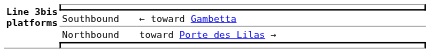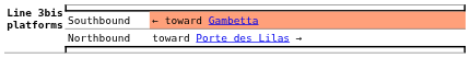 <table border=0 cellspacing=0 cellpadding=3>
 <tr>
 <td style="border-bottom:solid 1px gray;" width=50 rowspan=10 valign=top><strong>Line 3bis platforms</strong></td>
 <td style="border-top:solid 1px gray;border-right:solid 2px black;border-left:solid 2px black;border-bottom:solid 2px black;text-align:center;" colspan=2></td>
 </tr>
 <tr>
 <td style="border-bottom:solid 1px gray;" width=100>Southbound</td>
-<td style="border-bottom:solid 1px gray;" width=390>←   toward <a href='#'>Gambetta</a> </td>
+<td style="background: lightsalmon; border-bottom:solid 1px gray;" width=390>←   toward <a href='#'>Gambetta</a> </td>
 </tr>
 <tr>
 <td>Northbound</td>
 <td>   toward <a href='#'>Porte des Lilas</a>  →</td>
 </tr>
 <tr>
 <td style="border-top:solid 2px black;border-right:solid 2px black;border-left:solid 2px black;border-bottom:solid 1px gray;text-align:center;" colspan=2></td>
 </tr>
 </table>
